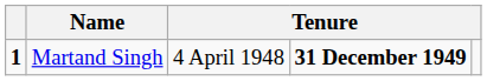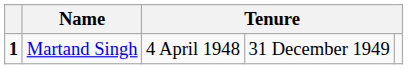 <table class="wikitable" style="text-align:center">
 <tr>
 <th scope="col"></th>
 <th scope="col">Name</th>
 <th colspan="3" scope="col">Tenure</th>
 </tr>
 <tr>
 <td><strong>1</strong></td>
 <td><a href='#'>Martand Singh</a></td>
 <td>4 April 1948</td>
-<td><strong>31 December 1949</strong></td>
+<td>31 December 1949</td>
 <td></td>
 </tr>
 </table>
